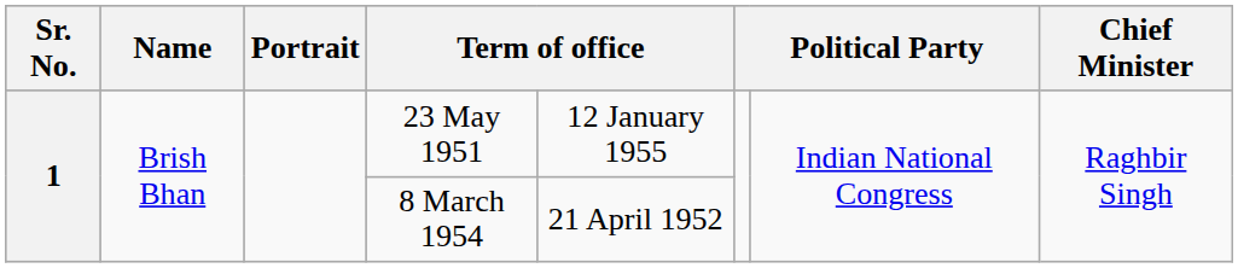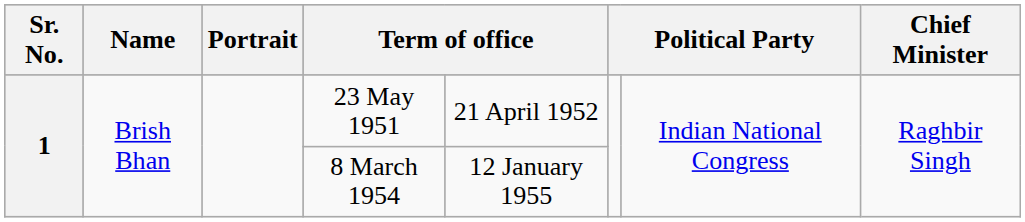 <table class="wikitable" style="width:100%; text-align:center">
 <tr>
 <th>Sr. No.</th>
 <th>Name</th>
 <th>Portrait</th>
 <th colspan=2>Term of office</th>
 <th colspan=2>Political Party</th>
 <th>Chief Minister</th>
 </tr>
 <tr>
 <th rowspan=2>1</th>
 <td rowspan=2><a href='#'>Brish Bhan</a></td>
 <td rowspan=2></td>
 <td>23 May 1951</td>
-<td>12 January 1955</td>
+<td>21 April 1952</td>
 <td rowspan=2></td>
 <td rowspan=2><a href='#'>Indian National Congress</a></td>
 <td rowspan=2><a href='#'>Raghbir Singh</a></td>
 </tr>
 <tr>
 <td>8 March 1954</td>
-<td>21 April 1952</td>
+<td>12 January 1955</td>
 </tr>
 </table>
